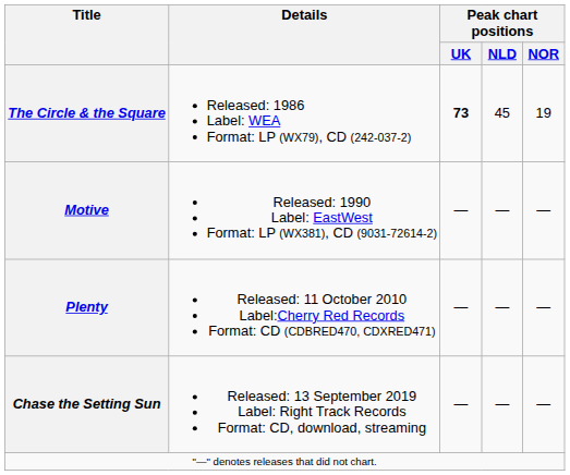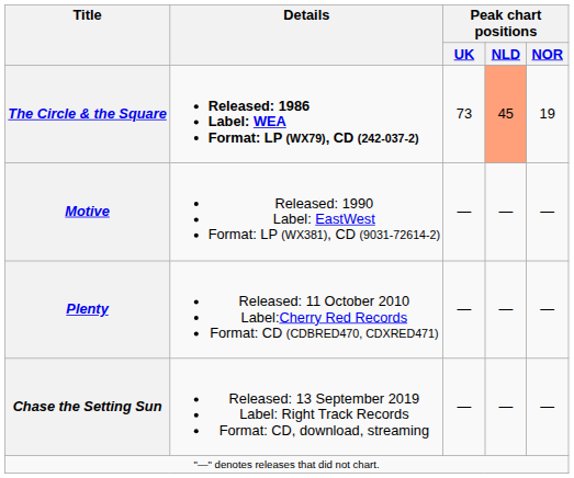 <table class="wikitable plainrowheaders" style="text-align:center;">
 <tr>
 <th rowspan="2" align="left" valign="top">Title</th>
 <th rowspan="2" align="left" valign="top">Details</th>
 <th colspan="3" align="left" valign="top">Peak chart positions</th>
 </tr>
 <tr>
 <th align="center" valign="top" width="40"><a href='#'>UK</a><br></th>
 <th align="left" valign="top" width="40"><a href='#'>NLD</a><br></th>
 <th align="left" valign="top" width="40"><a href='#'>NOR</a><br></th>
 </tr>
 <tr>
 <th scope="row"><em><a href='#'>The Circle & the Square</a></em><br></th>
-<td align="left"><br><ul><li>Released: 1986</li><li>Label: <a href='#'>WEA</a></li><li>Format: LP <small>(WX79)</small>, CD <small>(242-037-2)</small></li></ul></td>
-<td><strong>73</strong></td>
-<td>45</td>
+<td align="left"><strong><br><ul><li>Released: 1986</li><li>Label: <a href='#'>WEA</a></li><li>Format: LP <small>(WX79)</small>, CD <small>(242-037-2)</small></li></ul></strong></td>
+<td>73</td>
+<td style="background: lightsalmon;">45</td>
 <td>19</td>
 </tr>
 <tr>
 <th scope="row"><em><a href='#'>Motive</a></em></th>
 <td><br><ul><li>Released: 1990</li><li>Label:  <a href='#'>EastWest</a></li><li>Format: LP <small>(WX381)</small>, CD <small>(9031-72614-2)</small></li></ul></td>
 <td>—</td>
 <td>—</td>
 <td>—</td>
 </tr>
 <tr>
 <th scope="row"><em><a href='#'>Plenty</a></em></th>
 <td><br><ul><li>Released: 11 October 2010</li><li>Label:<a href='#'>Cherry Red Records</a></li><li>Format: CD <small>(CDBRED470, CDXRED471)</small></li></ul></td>
 <td>—</td>
 <td>—</td>
 <td>—</td>
 </tr>
 <tr>
 <th scope="row"><em>Chase the Setting Sun</em></th>
 <td><br><ul><li>Released: 13 September 2019</li><li>Label: Right Track Records</li><li>Format: CD, download, streaming</li></ul></td>
 <td>—</td>
 <td>—</td>
 <td>—</td>
 </tr>
 <tr>
 <td colspan="7" style="text-align:center; font-size:9pt;">"—" denotes releases that did not chart.</td>
 </tr>
 </table>
